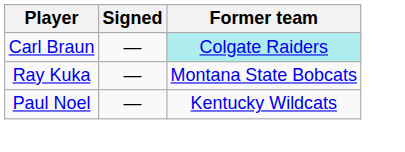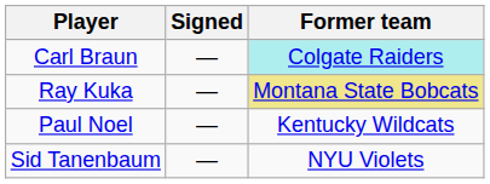 <table class="wikitable sortable sortable" style="text-align: center">
 <tr>
 <th>Player</th>
 <th>Signed</th>
 <th>Former team</th>
 </tr>
 <tr style="text-align: center">
 <td><a href='#'>Carl Braun</a></td>
 <td>—</td>
 <td style="background: paleturquoise;"><a href='#'>Colgate Raiders</a></td>
 </tr>
 <tr style="text-align: center">
 <td><a href='#'>Ray Kuka</a></td>
 <td>—</td>
-<td><a href='#'>Montana State Bobcats</a></td>
+<td style="background: khaki;"><a href='#'>Montana State Bobcats</a></td>
 </tr>
 <tr style="text-align: center">
 <td><a href='#'>Paul Noel</a></td>
 <td>—</td>
 <td><a href='#'>Kentucky Wildcats</a></td>
 </tr>
+<tr>
+<td><a href='#'>Sid Tanenbaum</a></td>
+<td>—</td>
+<td><a href='#'>NYU Violets</a></td>
+</tr>
 </table>
